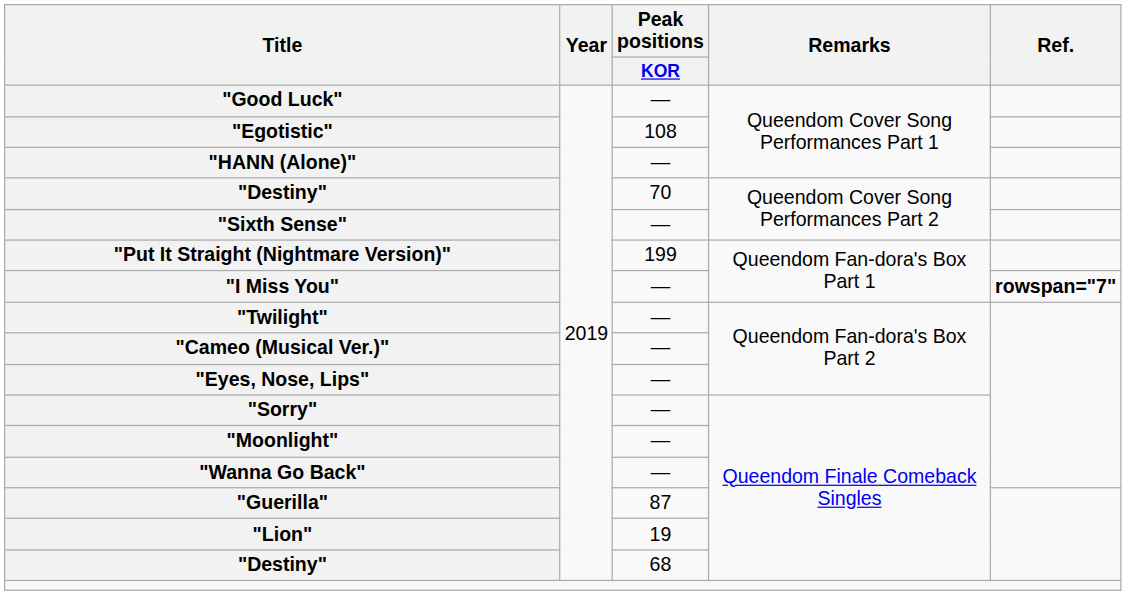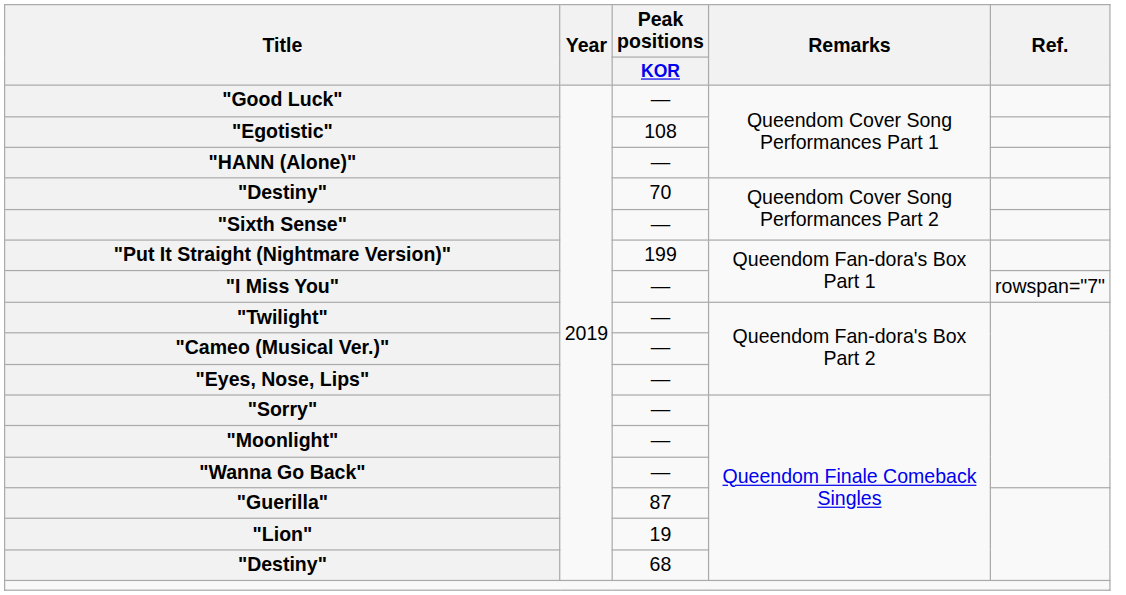 <table class="wikitable plainrowheaders" style="text-align:center">
 <tr>
 <th scope="col" rowspan="2" style="width:28em">Title</th>
 <th scope="col" rowspan="2" style="width:2em">Year</th>
 <th scope="col" colspan="1">Peak<br>positions</th>
 <th scope="col" rowspan="2" style="width:14em">Remarks</th>
 <th rowspan="2" style="width:1em">Ref.</th>
 </tr>
 <tr>
 <th scope="col" style="width:2.5em;font-size:90%"><a href='#'>KOR</a></th>
 </tr>
 <tr>
 <th scope="row">"Good Luck" </th>
 <td rowspan="16">2019</td>
 <td>—</td>
 <td rowspan="3">Queendom Cover Song Performances Part 1</td>
 <td></td>
 </tr>
 <tr>
 <th scope="row">"Egotistic" </th>
 <td>108</td>
 <td></td>
 </tr>
 <tr>
 <th scope="row">"HANN (Alone)" </th>
 <td>—</td>
 <td></td>
 </tr>
 <tr>
 <th scope="row">"Destiny" </th>
 <td>70</td>
 <td rowspan="2">Queendom Cover Song Performances Part 2</td>
 <td></td>
 </tr>
 <tr>
 <th scope="row">"Sixth Sense" </th>
 <td>—</td>
 <td></td>
 </tr>
 <tr>
 <th scope="row">"Put It Straight (Nightmare Version)" </th>
 <td>199</td>
 <td rowspan="2">Queendom Fan-dora's Box Part 1</td>
 <td></td>
 </tr>
 <tr>
 <th scope="row">"I Miss You" </th>
 <td>—</td>
-<td><strong>rowspan="7" </strong></td>
+<td>rowspan="7" </td>
 </tr>
 <tr>
 <th scope="row">"Twilight" </th>
 <td>—</td>
 <td rowspan="3">Queendom Fan-dora's Box Part 2</td>
 </tr>
 <tr>
 <th scope="row">"Cameo (Musical Ver.)" </th>
 <td>—</td>
 </tr>
 <tr>
 <th scope="row">"Eyes, Nose, Lips" </th>
 <td>—</td>
 </tr>
 <tr>
 <th scope="row">"Sorry" </th>
 <td>—</td>
 <td rowspan="6"><a href='#'>Queendom Finale Comeback Singles</a></td>
 </tr>
 <tr>
 <th scope="row">"Moonlight" </th>
 <td>—</td>
 </tr>
 <tr>
 <th scope="row">"Wanna Go Back" </th>
 <td>—</td>
 </tr>
 <tr>
 <th scope="row">"Guerilla" </th>
 <td>87</td>
 <td rowspan="3"></td>
 </tr>
 <tr>
 <th scope="row">"Lion" </th>
 <td>19</td>
 </tr>
 <tr>
 <th scope="row">"Destiny" </th>
 <td>68</td>
 </tr>
 <tr>
 <td colspan="9"></td>
 </tr>
 </table>
